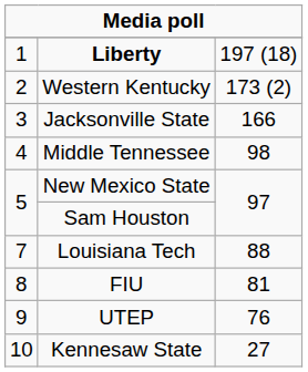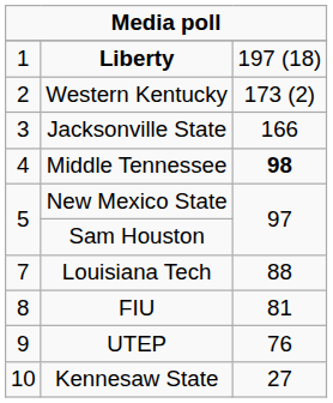 <table class="wikitable">
 <tr align="center">
 <td align="center" Colspan="3"><strong>Media poll</strong></td>
 </tr>
 <tr align="center">
 </tr>
 <tr align="center">
 <td>1</td>
 <td><strong>Liberty</strong></td>
 <td>197 (18)</td>
 </tr>
 <tr align="center">
 <td>2</td>
 <td>Western Kentucky</td>
 <td>173 (2)</td>
 </tr>
 <tr align="center">
 <td>3</td>
 <td>Jacksonville State</td>
 <td>166</td>
 </tr>
 <tr align="center">
 <td>4</td>
 <td>Middle Tennessee</td>
-<td>98</td>
+<td><strong>98</strong></td>
 </tr>
 <tr align="center">
 <td rowspan="2">5</td>
 <td>New Mexico State</td>
 <td rowspan="2">97</td>
 </tr>
 <tr align="center">
 <td>Sam Houston</td>
 </tr>
 <tr align="center">
 <td>7</td>
 <td>Louisiana Tech</td>
 <td>88</td>
 </tr>
 <tr align="center">
 <td>8</td>
 <td>FIU</td>
 <td>81</td>
 </tr>
 <tr align="center">
 <td>9</td>
 <td>UTEP</td>
 <td>76</td>
 </tr>
 <tr align="center">
 <td>10</td>
 <td>Kennesaw State</td>
 <td>27</td>
 </tr>
 </table>
